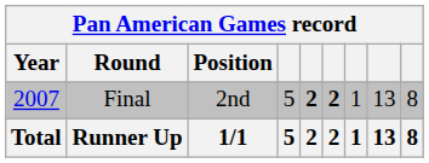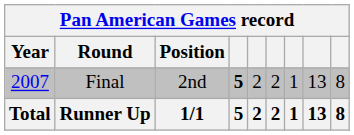 <table class="wikitable" style="text-align: center;font-size:90%;">
 <tr>
 <th colspan=10><a href='#'>Pan American Games</a> record</th>
 </tr>
 <tr>
 <th>Year</th>
 <th>Round</th>
 <th>Position</th>
 <th></th>
 <th></th>
 <th></th>
 <th></th>
 <th></th>
 <th></th>
 </tr>
 <tr bgcolor=silver>
 <td> <a href='#'>2007</a></td>
 <td>Final</td>
 <td>2nd</td>
-<td>5</td>
-<td><strong>2</strong></td>
-<td><strong>2</strong></td>
+<td><strong>5</strong></td>
+<td>2</td>
+<td>2</td>
 <td>1</td>
 <td>13</td>
 <td>8</td>
 </tr>
 <tr>
 <th><strong>Total</strong></th>
 <th><strong>Runner Up</strong></th>
 <th>1/1</th>
 <th>5</th>
 <th>2</th>
 <th>2</th>
 <th>1</th>
 <th>13</th>
 <th>8</th>
 </tr>
 </table>
